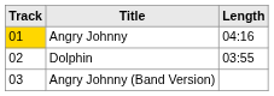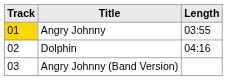 <table class="toccolours" border="1" cellpadding="4" style="border-collapse:collapse">
 <tr style="background-color:#e9e9e9" |>
 <th>Track</th>
 <th>Title</th>
 <th>Length</th>
 </tr>
 <tr>
 <td style="background: gold;">01</td>
 <td>Angry Johnny</td>
-<td>04:16</td>
+<td>03:55</td>
 </tr>
 <tr>
 <td>02</td>
 <td>Dolphin</td>
-<td>03:55</td>
+<td>04:16</td>
 </tr>
 <tr>
 <td>03</td>
 <td>Angry Johnny (Band Version)</td>
 </tr>
 </table>
